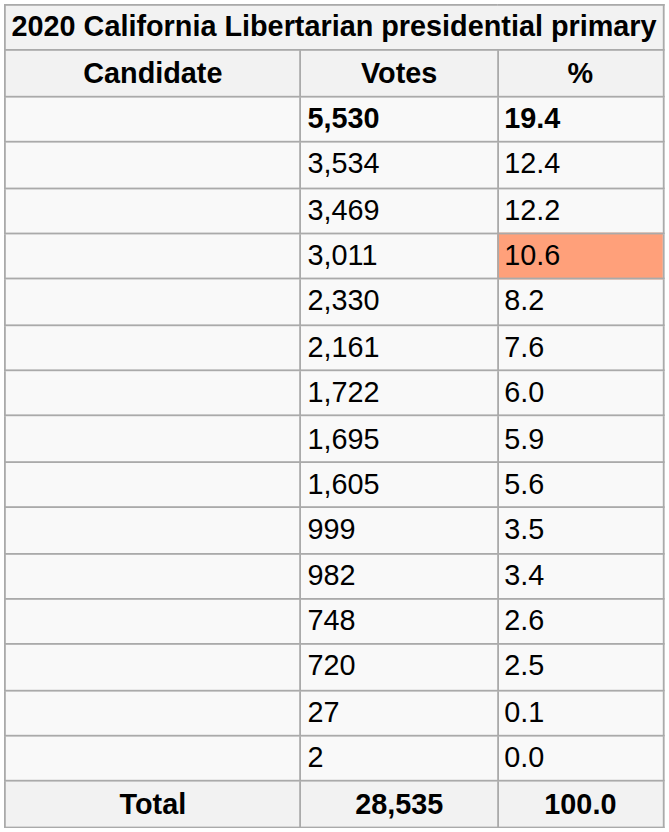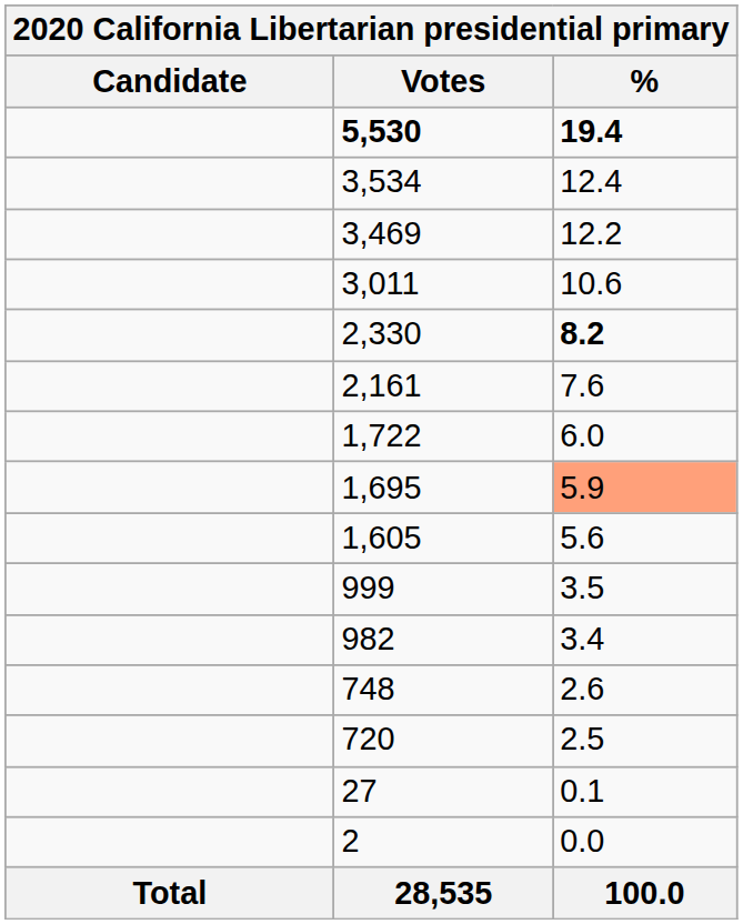 <table class="wikitable sortable">
 <tr>
 <th colspan=4>2020 California Libertarian presidential primary</th>
 </tr>
 <tr>
 <th>Candidate</th>
 <th>Votes</th>
 <th>%</th>
 </tr>
 <tr>
 <td><strong></strong></td>
 <td><strong>5,530</strong></td>
 <td><strong>19.4</strong></td>
 </tr>
 <tr>
 <td></td>
 <td>3,534</td>
 <td>12.4</td>
 </tr>
 <tr>
 <td></td>
 <td>3,469</td>
 <td>12.2</td>
 </tr>
 <tr>
 <td></td>
 <td>3,011</td>
-<td style="background: lightsalmon;">10.6</td>
+<td>10.6</td>
 </tr>
 <tr>
 <td> </td>
 <td>2,330</td>
-<td>8.2</td>
+<td><strong>8.2</strong></td>
 </tr>
 <tr>
 <td></td>
 <td>2,161</td>
 <td>7.6</td>
 </tr>
 <tr>
 <td></td>
 <td>1,722</td>
 <td>6.0</td>
 </tr>
 <tr>
 <td></td>
 <td>1,695</td>
-<td>5.9</td>
+<td style="background: lightsalmon;">5.9</td>
 </tr>
 <tr>
 <td></td>
 <td>1,605</td>
 <td>5.6</td>
 </tr>
 <tr>
 <td></td>
 <td>999</td>
 <td>3.5</td>
 </tr>
 <tr>
 <td></td>
 <td>982</td>
 <td>3.4</td>
 </tr>
 <tr>
 <td></td>
 <td>748</td>
 <td>2.6</td>
 </tr>
 <tr>
 <td></td>
 <td>720</td>
 <td>2.5</td>
 </tr>
 <tr>
 <td> </td>
 <td>27</td>
 <td>0.1</td>
 </tr>
 <tr>
 <td> </td>
 <td>2</td>
 <td>0.0</td>
 </tr>
 <tr>
 <th>Total</th>
 <th>28,535</th>
 <th>100.0</th>
 </tr>
 </table>
